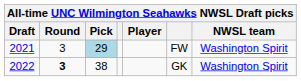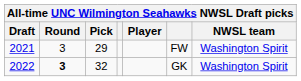 <table class="wikitable sortable" style="text-align: center;">
 <tr>
 <th colspan="7" style="background:#">All-time <a href='#'><span>UNC Wilmington Seahawks</span></a> NWSL Draft picks</th>
 </tr>
 <tr>
 <th scope="col">Draft</th>
 <th scope="col">Round</th>
 <th scope="col">Pick</th>
 <th scope="col"></th>
 <th scope="col">Player</th>
 <th scope="col"></th>
 <th scope="col">NWSL team</th>
 </tr>
 <tr>
 <td><a href='#'>2021</a></td>
 <td>3</td>
-<td style="background: lightblue;">29</td>
+<td>29</td>
 <td></td>
 <td></td>
 <td>FW</td>
 <td><a href='#'>Washington Spirit</a></td>
 </tr>
 <tr>
 <td><a href='#'>2022</a></td>
 <td><strong>3</strong></td>
-<td>38</td>
+<td>32</td>
 <td></td>
 <td></td>
 <td>GK</td>
 <td><a href='#'>Washington Spirit</a></td>
 </tr>
 </table>
